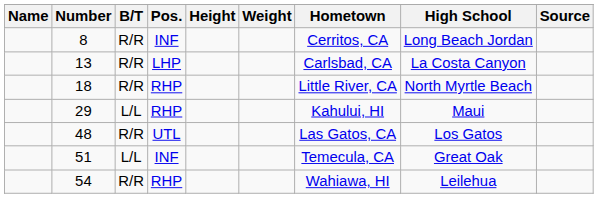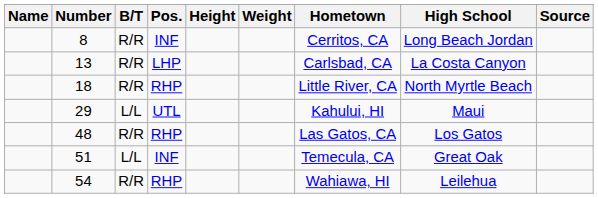 <table class="wikitable sortable">
 <tr>
 </tr>
 <tr>
 <th>Name</th>
 <th>Number</th>
 <th style="text-align:center; ">B/T</th>
 <th>Pos.</th>
 <th>Height</th>
 <th>Weight</th>
 <th>Hometown</th>
 <th>High School</th>
 <th>Source</th>
 </tr>
 <tr align="center">
 <td></td>
 <td>8</td>
 <td>R/R</td>
 <td><a href='#'>INF</a></td>
 <td></td>
 <td></td>
 <td><a href='#'>Cerritos, CA</a></td>
 <td><a href='#'>Long Beach Jordan</a></td>
 <td></td>
 </tr>
 <tr align="center">
 <td></td>
 <td>13</td>
 <td>R/R</td>
 <td><a href='#'>LHP</a></td>
 <td></td>
 <td></td>
 <td><a href='#'>Carlsbad, CA</a></td>
 <td><a href='#'>La Costa Canyon</a></td>
 <td></td>
 </tr>
 <tr align="center">
 <td></td>
 <td>18</td>
 <td>R/R</td>
 <td><a href='#'>RHP</a></td>
 <td></td>
 <td></td>
 <td><a href='#'>Little River, CA</a></td>
 <td><a href='#'>North Myrtle Beach</a></td>
 <td></td>
 </tr>
 <tr align="center">
 <td></td>
 <td>29</td>
 <td>L/L</td>
-<td><a href='#'>RHP</a></td>
+<td><a href='#'>UTL</a></td>
 <td></td>
 <td></td>
 <td><a href='#'>Kahului, HI</a></td>
 <td><a href='#'>Maui</a></td>
 <td></td>
 </tr>
 <tr align="center">
 <td></td>
 <td>48</td>
 <td>R/R</td>
-<td><a href='#'>UTL</a></td>
+<td><a href='#'>RHP</a></td>
 <td></td>
 <td></td>
 <td><a href='#'>Las Gatos, CA</a></td>
 <td><a href='#'>Los Gatos</a></td>
 <td></td>
 </tr>
 <tr align="center">
 <td></td>
 <td>51</td>
 <td>L/L</td>
 <td><a href='#'>INF</a></td>
 <td></td>
 <td></td>
 <td><a href='#'>Temecula, CA</a></td>
 <td><a href='#'>Great Oak</a></td>
 <td></td>
 </tr>
 <tr align="center">
 <td></td>
 <td>54</td>
 <td>R/R</td>
 <td><a href='#'>RHP</a></td>
 <td></td>
 <td></td>
 <td><a href='#'>Wahiawa, HI</a></td>
 <td><a href='#'>Leilehua</a></td>
 <td></td>
 </tr>
 </table>
